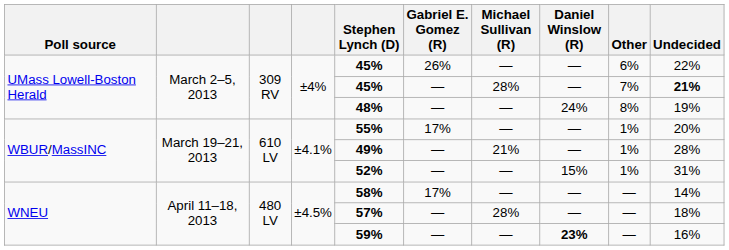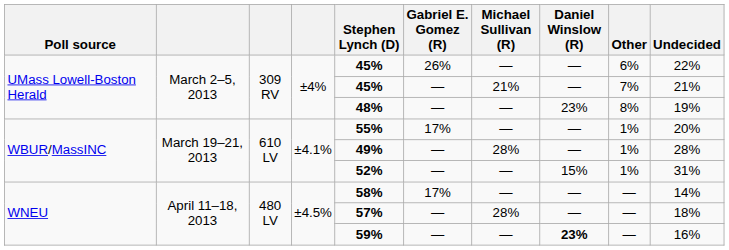 <table class="wikitable" style="text-align:center">
 <tr valign= bottom>
 <th>Poll source</th>
 <th></th>
 <th></th>
 <th></th>
 <th style="width:75px;">Stephen<br>Lynch (D)</th>
 <th style="width:75px;">Gabriel E.<br>Gomez (R)</th>
 <th style="width:75px;">Michael<br>Sullivan (R)</th>
 <th style="width:75px;">Daniel<br>Winslow (R)</th>
 <th>Other</th>
 <th>Undecided</th>
 </tr>
 <tr>
 <td align=left rowspan=3><a href='#'>UMass Lowell-Boston Herald</a></td>
 <td rowspan=3>March 2–5, 2013</td>
 <td rowspan=3>309 RV</td>
 <td rowspan=3>±4%</td>
 <td><strong>45%</strong></td>
 <td>26%</td>
 <td>—</td>
 <td>—</td>
 <td>6%</td>
 <td>22%</td>
 </tr>
 <tr>
 <td><strong>45%</strong></td>
 <td>—</td>
-<td>28%</td>
+<td>21%</td>
 <td>—</td>
 <td>7%</td>
-<td><strong>21%</strong></td>
+<td>21%</td>
 </tr>
 <tr>
 <td><strong>48%</strong></td>
 <td>—</td>
 <td>—</td>
-<td>24%</td>
+<td>23%</td>
 <td>8%</td>
 <td>19%</td>
 </tr>
 <tr>
 <td align=left rowspan=3><a href='#'>WBUR</a>/<a href='#'>MassINC</a></td>
 <td rowspan=3>March 19–21, 2013</td>
 <td rowspan=3>610 LV</td>
 <td rowspan=3>±4.1%</td>
 <td><strong>55%</strong></td>
 <td>17%</td>
 <td>—</td>
 <td>—</td>
 <td>1%</td>
 <td>20%</td>
 </tr>
 <tr>
 <td><strong>49%</strong></td>
 <td>—</td>
-<td>21%</td>
+<td>28%</td>
 <td>—</td>
 <td>1%</td>
 <td>28%</td>
 </tr>
 <tr>
 <td><strong>52%</strong></td>
 <td>—</td>
 <td>—</td>
 <td>15%</td>
 <td>1%</td>
 <td>31%</td>
 </tr>
 <tr>
 <td align=left rowspan=3><a href='#'>WNEU</a></td>
 <td rowspan=3>April 11–18, 2013</td>
 <td rowspan=3>480 LV</td>
 <td rowspan=3>±4.5%</td>
 <td><strong>58%</strong></td>
 <td>17%</td>
 <td>—</td>
 <td>—</td>
 <td>—</td>
 <td>14%</td>
 </tr>
 <tr>
 <td><strong>57%</strong></td>
 <td>—</td>
 <td>28%</td>
 <td>—</td>
 <td>—</td>
 <td>18%</td>
 </tr>
 <tr>
 <td><strong>59%</strong></td>
 <td>—</td>
 <td>—</td>
 <td><strong>23%</strong></td>
 <td>—</td>
 <td>16%</td>
 </tr>
 </table>
